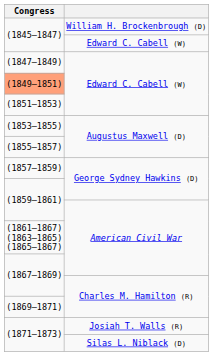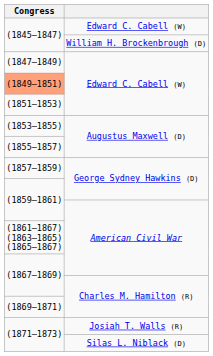 <table class=wikitable style="text-align:center">
 <tr>
 <th>Congress</th>
 <th></th>
 </tr>
 <tr style="height:2em">
 <td rowspan=2><strong></strong> (1845–1847)</td>
-<td><a href='#'>William H. Brockenbrough</a> <small>(D)</small></td>
+<td><a href='#'>Edward C. Cabell</a> <small>(W)</small></td>
 </tr>
 <tr style="height:2em">
-<td><a href='#'>Edward C. Cabell</a> <small>(W)</small></td>
+<td><a href='#'>William H. Brockenbrough</a> <small>(D)</small></td>
 </tr>
 <tr style="height:2.5em">
 <td><strong></strong> (1847–1849)</td>
 <td rowspan=3 ><a href='#'>Edward C. Cabell</a> <small>(W)</small></td>
 </tr>
 <tr style="height:2.5em">
 <td style="background: lightsalmon;"><strong></strong> (1849–1851)</td>
 </tr>
 <tr style="height:2.5em">
 <td><strong></strong> (1851–1853)</td>
 </tr>
 <tr style="height:2.5em">
 <td><strong></strong> (1853–1855)</td>
 <td rowspan=2 ><a href='#'>Augustus Maxwell</a> <small>(D)</small></td>
 </tr>
 <tr style="height:2.5em">
 <td><strong></strong> (1855–1857)</td>
 </tr>
 <tr style="height:2.5em">
 <td><strong></strong> (1857–1859)</td>
 <td rowspan=2 ><a href='#'>George Sydney Hawkins</a> <small>(D)</small></td>
 </tr>
 <tr style="height:2.5em">
 <td rowspan=2><strong></strong> (1859–1861)</td>
 </tr>
 <tr style="height:2.5em">
 <td rowspan=3 ><em><a href='#'>American Civil War</a></em></td>
 </tr>
 <tr style="height:2.5em">
 <td><strong></strong> (1861–1867)<br><strong></strong> (1863–1865)<br><strong></strong> (1865–1867)</td>
 </tr>
 <tr style="height:2.5em">
 <td rowspan=2><strong></strong> (1867–1869)</td>
 </tr>
 <tr style="height:2.5em">
 <td rowspan=2 ><a href='#'>Charles M. Hamilton</a> <small>(R)</small></td>
 </tr>
 <tr style="height:2.5em">
 <td><strong></strong> (1869–1871)</td>
 </tr>
 <tr style="height:2em">
 <td rowspan=2><strong></strong> (1871–1873)</td>
 <td><a href='#'>Josiah T. Walls</a> <small>(R)</small></td>
 </tr>
 <tr style="height:2em">
 <td><a href='#'>Silas L. Niblack</a> <small>(D)</small></td>
 </tr>
 </table>
